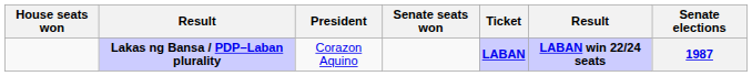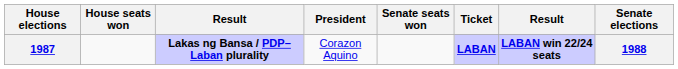 <table class="wikitable" style="text-align:center; font-size:90%">
 <tr>
+<th>House elections</th>
 <th>House seats won</th>
 <th>Result</th>
 <th>President</th>
 <th>Senate seats won</th>
 <th>Ticket</th>
 <th>Result</th>
 <th>Senate elections</th>
 </tr>
 <tr>
+<th><a href='#'>1987</a></th>
 <td></td>
 <td style="background:#CCCCFF;"><strong>Lakas ng Bansa / <a href='#'>PDP–Laban</a> plurality</strong></td>
 <td style="background:"><a href='#'>Corazon Aquino</a></td>
 <td></td>
 <td style="background:#CCCCFF;"><strong><a href='#'>LABAN</a></strong></td>
 <td style="background:#CCCCFF;"><strong><a href='#'>LABAN</a> win 22/24 seats</strong></td>
-<th><a href='#'>1987</a></th>
+<th><a href='#'>1988</a></th>
 </tr>
 </table>
